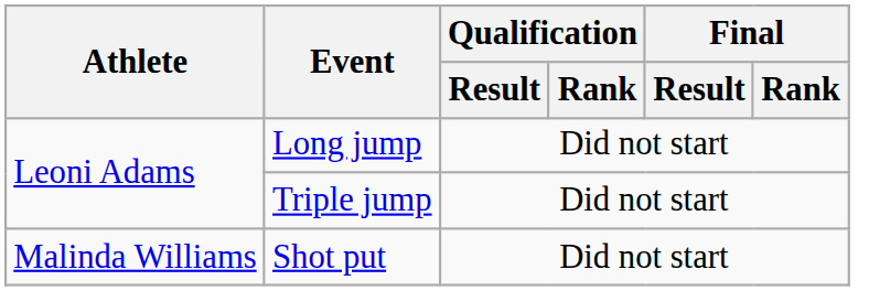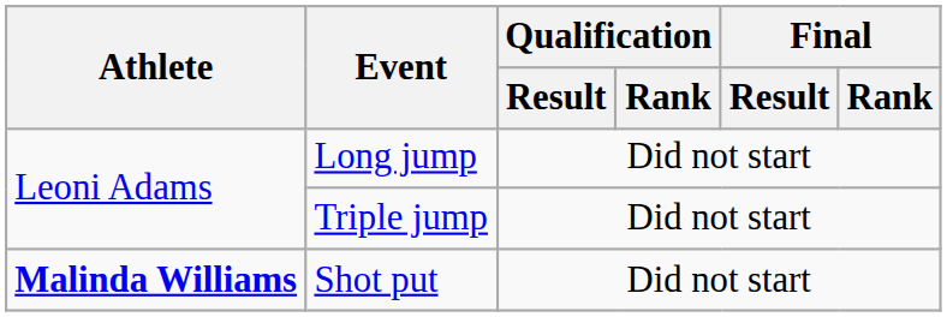 <table class="wikitable" style="font-size:90%; text-align:center">
 <tr>
 <th rowspan="2">Athlete</th>
 <th rowspan="2">Event</th>
 <th colspan="2">Qualification</th>
 <th colspan="2">Final</th>
 </tr>
 <tr>
 <th>Result</th>
 <th>Rank</th>
 <th>Result</th>
 <th>Rank</th>
 </tr>
 <tr>
 <td align="left" rowspan=2><a href='#'>Leoni Adams</a></td>
 <td align="left"><a href='#'>Long jump</a></td>
 <td colspan="6">Did not start</td>
 </tr>
 <tr>
 <td align="left"><a href='#'>Triple jump</a></td>
 <td colspan="6">Did not start</td>
 </tr>
 <tr>
-<td align="left"><a href='#'>Malinda Williams</a></td>
+<td align="left"><strong><a href='#'>Malinda Williams</a></strong></td>
 <td align="left"><a href='#'>Shot put</a></td>
 <td colspan="6">Did not start</td>
 </tr>
 </table>
